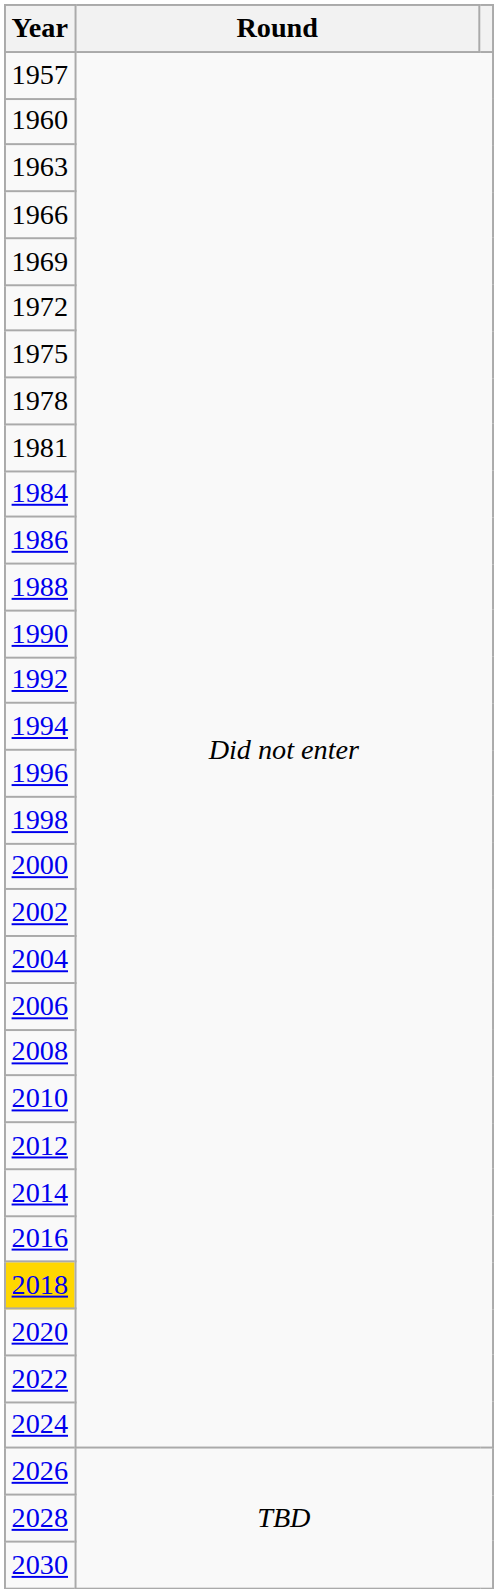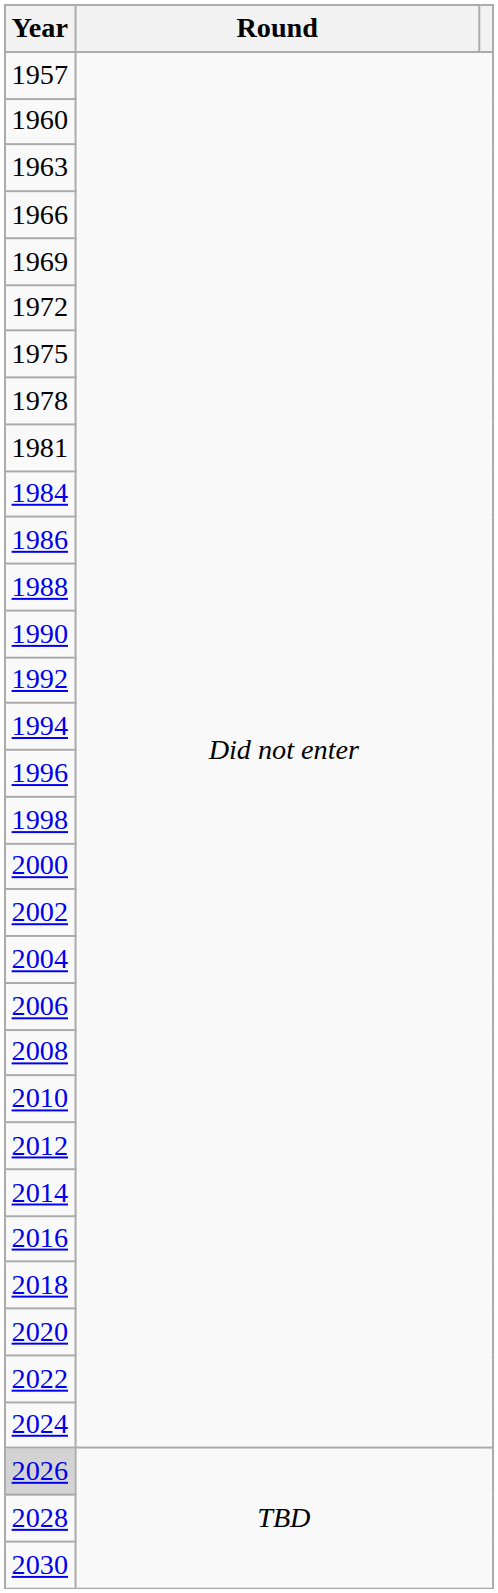 <table class="wikitable" style="text-align: center; font-size:90%">
 <tr>
 <th>Year</th>
 <th style="width:200px">Round</th>
 <th></th>
 </tr>
 <tr>
 <td>1957</td>
 <td colspan="2" rowspan="30"><em>Did not enter</em></td>
 </tr>
 <tr>
 <td>1960</td>
 </tr>
 <tr>
 <td>1963</td>
 </tr>
 <tr>
 <td>1966</td>
 </tr>
 <tr>
 <td>1969</td>
 </tr>
 <tr>
 <td>1972</td>
 </tr>
 <tr>
 <td>1975</td>
 </tr>
 <tr>
 <td>1978</td>
 </tr>
 <tr>
 <td>1981</td>
 </tr>
 <tr>
 <td><a href='#'>1984</a></td>
 </tr>
 <tr>
 <td><a href='#'>1986</a></td>
 </tr>
 <tr>
 <td><a href='#'>1988</a></td>
 </tr>
 <tr>
 <td><a href='#'>1990</a></td>
 </tr>
 <tr>
 <td><a href='#'>1992</a></td>
 </tr>
 <tr>
 <td><a href='#'>1994</a></td>
 </tr>
 <tr>
 <td><a href='#'>1996</a></td>
 </tr>
 <tr>
 <td><a href='#'>1998</a></td>
 </tr>
 <tr>
 <td><a href='#'>2000</a></td>
 </tr>
 <tr>
 <td><a href='#'>2002</a></td>
 </tr>
 <tr>
 <td><a href='#'>2004</a></td>
 </tr>
 <tr>
 <td><a href='#'>2006</a></td>
 </tr>
 <tr>
 <td><a href='#'>2008</a></td>
 </tr>
 <tr>
 <td><a href='#'>2010</a></td>
 </tr>
 <tr>
 <td><a href='#'>2012</a></td>
 </tr>
 <tr>
 <td><a href='#'>2014</a></td>
 </tr>
 <tr>
 <td><a href='#'>2016</a></td>
 </tr>
 <tr>
-<td style="background: gold;"><a href='#'>2018</a></td>
+<td><a href='#'>2018</a></td>
 </tr>
 <tr>
 <td><a href='#'>2020</a></td>
 </tr>
 <tr>
 <td><a href='#'>2022</a></td>
 </tr>
 <tr>
 <td><a href='#'>2024</a></td>
 </tr>
 <tr>
-<td><a href='#'>2026</a></td>
+<td style="background: lightgrey;"><a href='#'>2026</a></td>
 <td colspan="2" rowspan="3"><em>TBD</em></td>
 </tr>
 <tr>
 <td><a href='#'>2028</a></td>
 </tr>
 <tr>
 <td><a href='#'>2030</a></td>
 </tr>
 </table>
